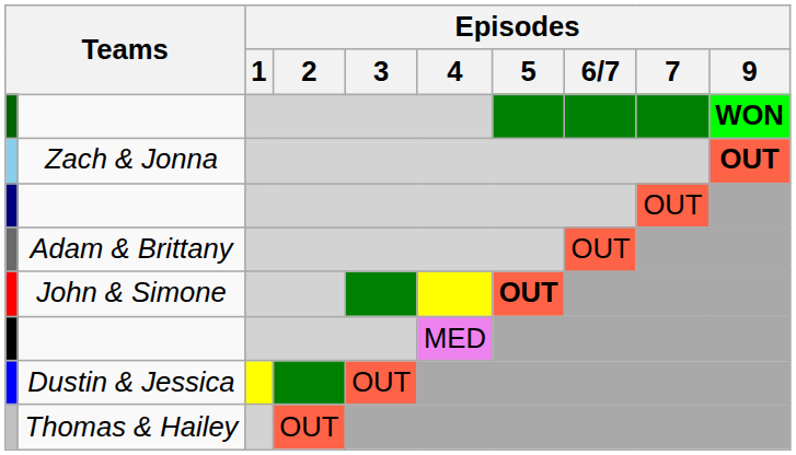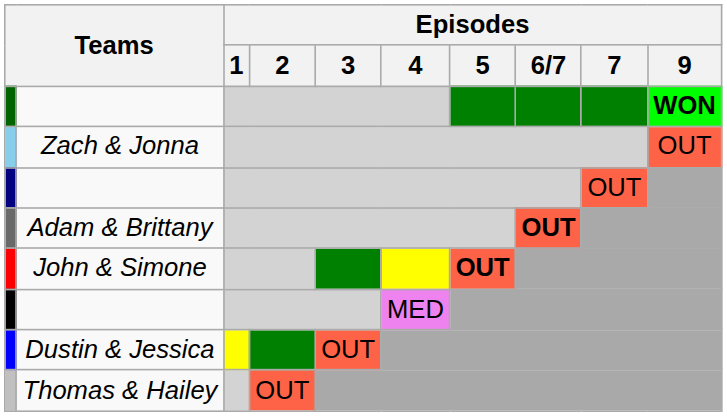 <table class="wikitable" style="text-align:center">
 <tr>
 <th rowspan=2 colspan=2>Teams</th>
 <th colspan=8>Episodes</th>
 </tr>
 <tr>
 <th>1</th>
 <th>2</th>
 <th>3</th>
 <th>4</th>
 <th>5</th>
 <th>6/7</th>
 <th>7</th>
 <th>9</th>
 </tr>
 <tr>
 <td bgcolor="darkgreen"></td>
 <td><em></em></td>
 <td style="background:lightgray" colspan=4></td>
 <td style="background:green"></td>
 <td style="background:green"></td>
 <td style="background:green"></td>
 <td style="background:lime"><strong>WON</strong></td>
 </tr>
 <tr>
 <td bgcolor="skyblue"></td>
 <td><em>Zach & Jonna</em></td>
 <td style="background:lightgray" colspan=7></td>
-<td style="background:tomato"><strong>OUT</strong></td>
+<td style="background:tomato">OUT</td>
 </tr>
 <tr>
 <td bgcolor="navy"></td>
 <td><em></em></td>
 <td style="background:lightgray" colspan=6></td>
 <td style="background:tomato">OUT</td>
 <td style="background:darkgray" colspan=1></td>
 </tr>
 <tr>
 <td bgcolor="dimgray"></td>
 <td><em>Adam & Brittany</em></td>
 <td style="background:lightgray" colspan=5></td>
-<td style="background:tomato">OUT</td>
+<td style="background:tomato"><strong>OUT</strong></td>
 <td style="background:darkgray" colspan=2></td>
 </tr>
 <tr>
 <td bgcolor="red"></td>
 <td><em>John & Simone</em></td>
 <td style="background:lightgray" colspan=2></td>
 <td style="background:green"></td>
 <td style="background:yellow"></td>
 <td style="background:tomato"><strong>OUT</strong></td>
 <td style="background:darkgray" colspan=3></td>
 </tr>
 <tr>
 <td bgcolor="black"></td>
 <td><em></em></td>
 <td style="background:lightgray" colspan=3></td>
 <td style="background:violet">MED</td>
 <td colspan="4" style="background:darkgray"></td>
 </tr>
 <tr>
 <td bgcolor="blue"></td>
 <td><em>Dustin & Jessica</em></td>
 <td style="background:yellow"></td>
 <td style="background:green"></td>
 <td style="background:tomato">OUT</td>
 <td style="background:darkgray" colspan=5></td>
 </tr>
 <tr>
 <td bgcolor="silver"></td>
 <td><em>Thomas & Hailey</em></td>
 <td style="background:lightgray" colspan=1></td>
 <td style="background:tomato">OUT</td>
 <td style="background:darkgray" colspan=6></td>
 </tr>
 </table>
